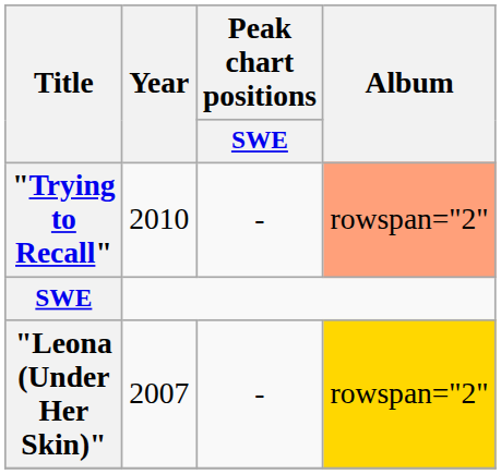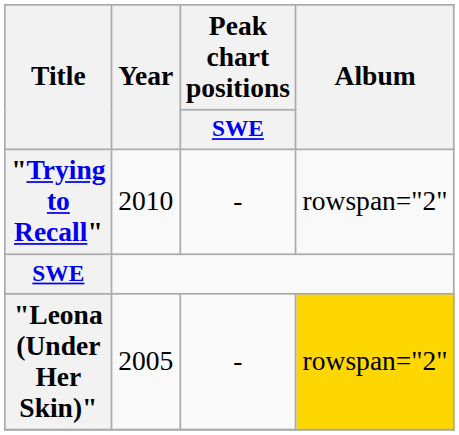 <table class="wikitable plainrowheaders" style="text-align:center;">
 <tr>
 <th scope="col" rowspan="2">Title</th>
 <th scope="col" rowspan="2">Year</th>
 <th scope="col" colspan="1">Peak chart positions</th>
 <th scope="col" rowspan="2">Album</th>
 </tr>
 <tr>
 <th scope="col" style="width:3em;font-size:85%;"><a href='#'>SWE</a></th>
 </tr>
 <tr>
 <th scope="row">"<a href='#'>Trying to Recall</a>"</th>
 <td>2010</td>
 <td>-</td>
-<td style="background: lightsalmon;">rowspan="2" </td>
+<td>rowspan="2" </td>
 </tr>
 <tr>
 <th scope="col" style="width:3em;font-size:85%;"><a href='#'>SWE</a></th>
 </tr>
 <tr>
 <th scope="row">"Leona (Under Her Skin)"</th>
-<td>2007</td>
+<td>2005</td>
 <td>-</td>
 <td style="background: gold;">rowspan="2" </td>
 </tr>
 <tr>
 </tr>
 </table>
